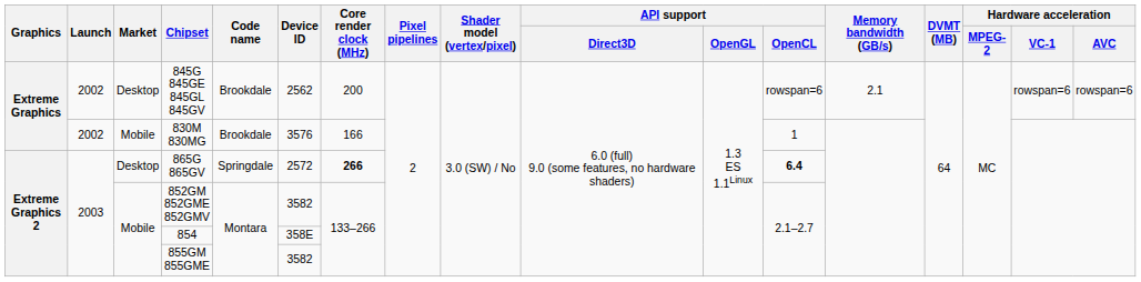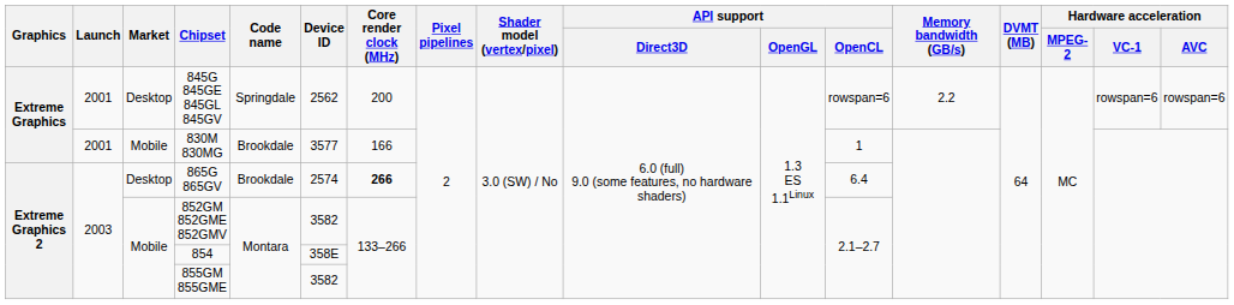 <table class="wikitable" style="text-align:center;">
 <tr>
 <th rowspan=2>Graphics</th>
 <th rowspan=2>Launch</th>
 <th rowspan=2>Market</th>
 <th rowspan=2><a href='#'>Chipset</a></th>
 <th rowspan=2>Code name</th>
 <th rowspan=2>Device<br>ID</th>
 <th rowspan=2>Core render<br><a href='#'>clock</a> (<a href='#'>MHz</a>)</th>
 <th rowspan=2><a href='#'>Pixel <br>pipelines</a></th>
 <th rowspan=2><a href='#'>Shader</a> model<br>(<a href='#'>vertex</a>/<a href='#'>pixel</a>)</th>
 <th colspan=3><a href='#'>API</a> support</th>
 <th rowspan=2><a href='#'>Memory bandwidth</a> <br>(<a href='#'>GB/s</a>)</th>
 <th rowspan=2><a href='#'>DVMT</a> <br>(<a href='#'>MB</a>)</th>
 <th colspan=3>Hardware acceleration</th>
 </tr>
 <tr>
 <th><a href='#'>Direct3D</a></th>
 <th><a href='#'>OpenGL</a></th>
 <th><a href='#'>OpenCL</a></th>
 <th><a href='#'>MPEG-2</a></th>
 <th><a href='#'>VC-1</a></th>
 <th><a href='#'>AVC</a></th>
 </tr>
 <tr>
 <th rowspan=2>Extreme<br>Graphics</th>
-<td>2002</td>
+<td>2001</td>
 <td>Desktop</td>
 <td>845G<br>845GE<br>845GL<br>845GV</td>
-<td>Brookdale</td>
+<td>Springdale</td>
 <td>2562</td>
 <td>200</td>
 <td rowspan=6>2</td>
 <td rowspan=6>3.0 (SW) / No</td>
 <td rowspan=6>6.0 (full)<br>9.0 (some features, no hardware shaders)</td>
 <td rowspan=6>1.3 <br> ES 1.1<sup>Linux</sup></td>
 <td>rowspan=6 </td>
-<td>2.1</td>
+<td>2.2</td>
 <td rowspan=6>64</td>
 <td rowspan=6>MC</td>
 <td>rowspan=6 </td>
 <td>rowspan=6 </td>
 </tr>
 <tr>
-<td>2002</td>
+<td>2001</td>
 <td>Mobile</td>
 <td>830M<br>830MG</td>
 <td>Brookdale</td>
-<td>3576</td>
+<td>3577</td>
 <td>166</td>
 <td>1</td>
 </tr>
 <tr>
 <th rowspan=4>Extreme<br>Graphics 2</th>
 <td rowspan=4>2003</td>
 <td>Desktop</td>
 <td>865G<br>865GV</td>
-<td>Springdale</td>
-<td>2572</td>
+<td>Brookdale</td>
+<td>2574</td>
 <td><strong>266</strong></td>
-<td><strong>6.4</strong></td>
+<td>6.4</td>
 </tr>
 <tr>
 <td rowspan=3>Mobile</td>
 <td>852GM<br>852GME<br>852GMV</td>
 <td rowspan=3>Montara</td>
 <td>3582</td>
 <td rowspan=3>133–266</td>
 <td rowspan=3>2.1–2.7</td>
 </tr>
 <tr>
 <td>854</td>
 <td>358E</td>
 </tr>
 <tr>
 <td>855GM <br> 855GME</td>
 <td>3582</td>
 </tr>
 </table>
